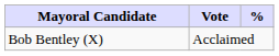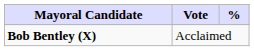 <table class="wikitable">
 <tr>
 <th style="background:#ddf; width:200px;">Mayoral Candidate </th>
 <th style="background:#ddf; width:50px;">Vote</th>
 <th style="background:#ddf; width:30px;">%</th>
 </tr>
 <tr>
-<td>Bob Bentley (X)</td>
+<td><strong>Bob Bentley (X)</strong></td>
 <td colspan="2">Acclaimed</td>
 </tr>
 </table>
